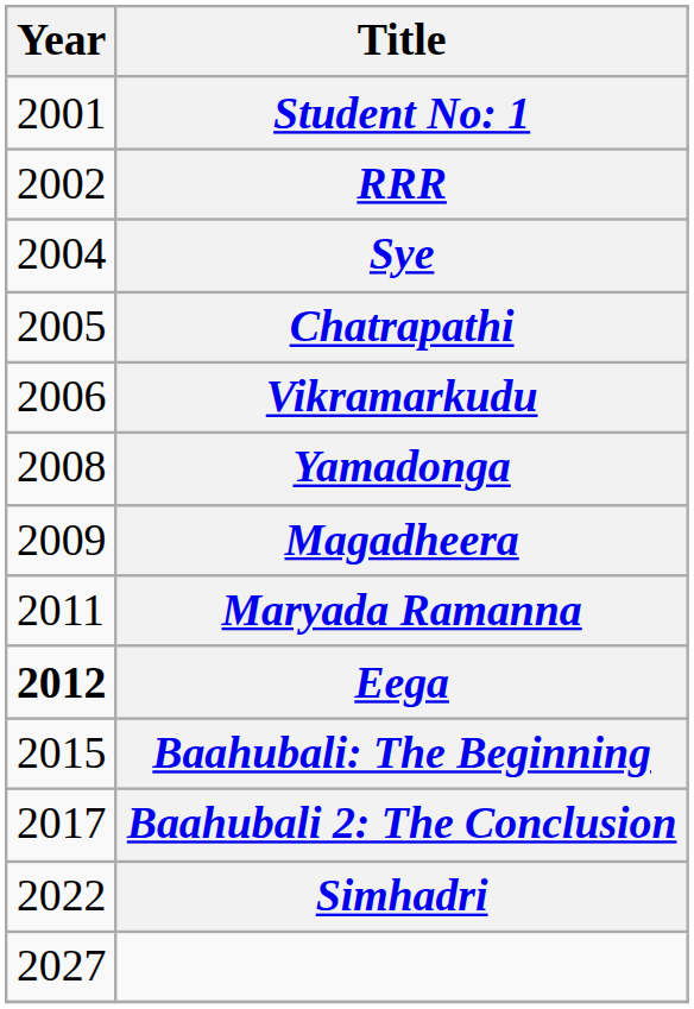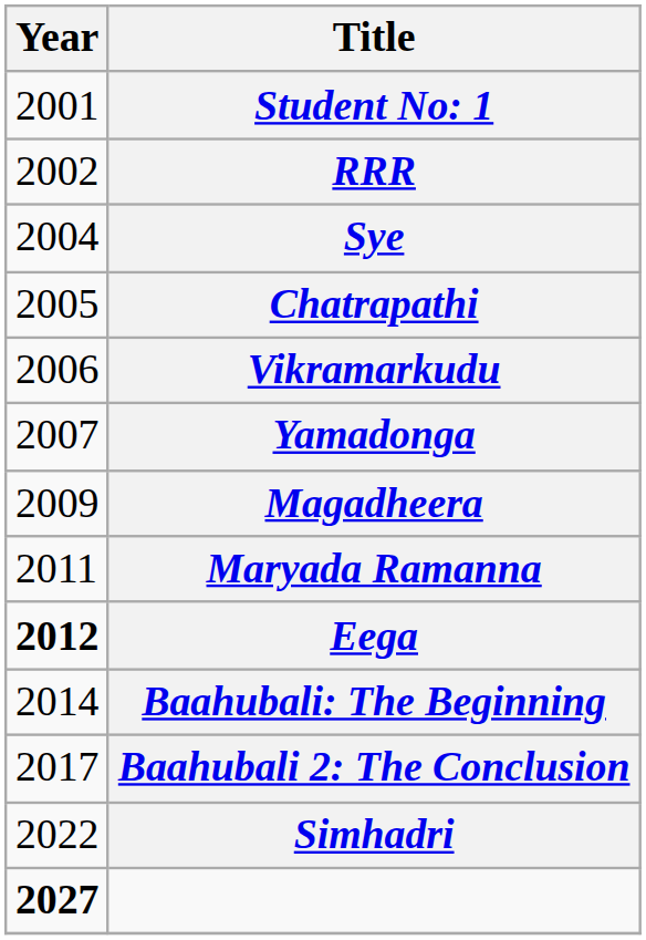 <table class="wikitable sortable plainrowheaders">
 <tr>
 <th scope="col">Year</th>
 <th scope="col">Title</th>
 </tr>
 <tr>
 <td>2001</td>
 <th scope="row"><em><a href='#'>Student No: 1</a></em></th>
 </tr>
 <tr>
 <td>2002</td>
 <th scope="row"><em><a href='#'>RRR</a></em></th>
 </tr>
 <tr>
 <td>2004</td>
 <th scope="row"><em><a href='#'>Sye</a></em></th>
 </tr>
 <tr>
 <td>2005</td>
 <th scope="row"><em><a href='#'>Chatrapathi</a></em></th>
 </tr>
 <tr>
 <td>2006</td>
 <th scope="row"><em><a href='#'>Vikramarkudu</a></em></th>
 </tr>
 <tr>
-<td>2008</td>
+<td>2007</td>
 <th scope="row"><em><a href='#'>Yamadonga</a></em></th>
 </tr>
 <tr>
 <td>2009</td>
 <th scope="row"><em><a href='#'>Magadheera</a></em></th>
 </tr>
 <tr>
 <td>2011</td>
 <th scope="row"><em><a href='#'>Maryada Ramanna</a></em></th>
 </tr>
 <tr>
 <td><strong>2012</strong></td>
 <th scope="row"><em><a href='#'>Eega</a></em></th>
 </tr>
 <tr>
-<td>2015</td>
+<td>2014</td>
 <th scope="row"><em><a href='#'>Baahubali: The Beginning</a></em></th>
 </tr>
 <tr>
 <td>2017</td>
 <th scope="row"><em><a href='#'>Baahubali 2: The Conclusion</a></em></th>
 </tr>
 <tr>
 <td>2022</td>
 <th scope="row"><em><a href='#'>Simhadri</a></em></th>
 </tr>
 <tr>
-<td>2027</td>
+<td><strong>2027</strong></td>
 <td></td>
 </tr>
 <tr>
 </tr>
 </table>
